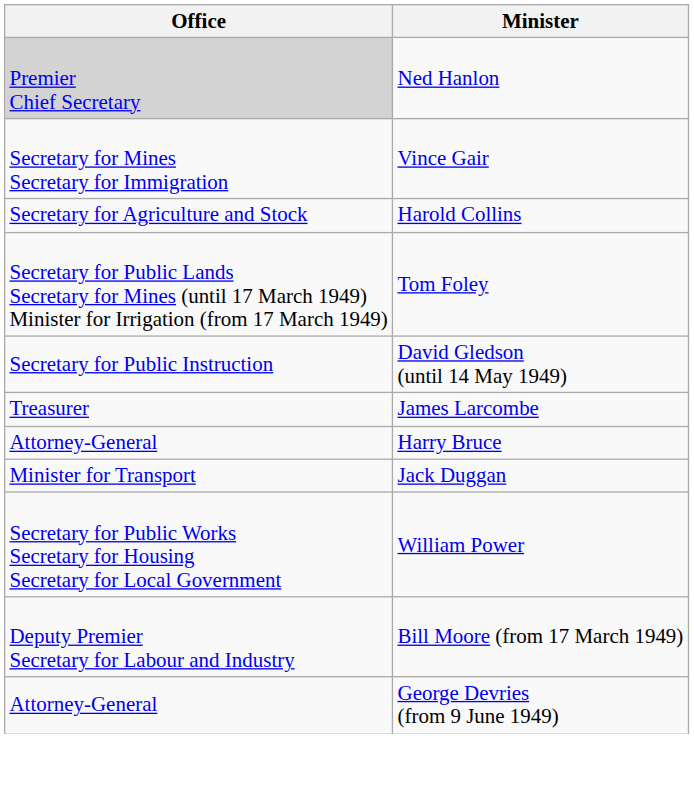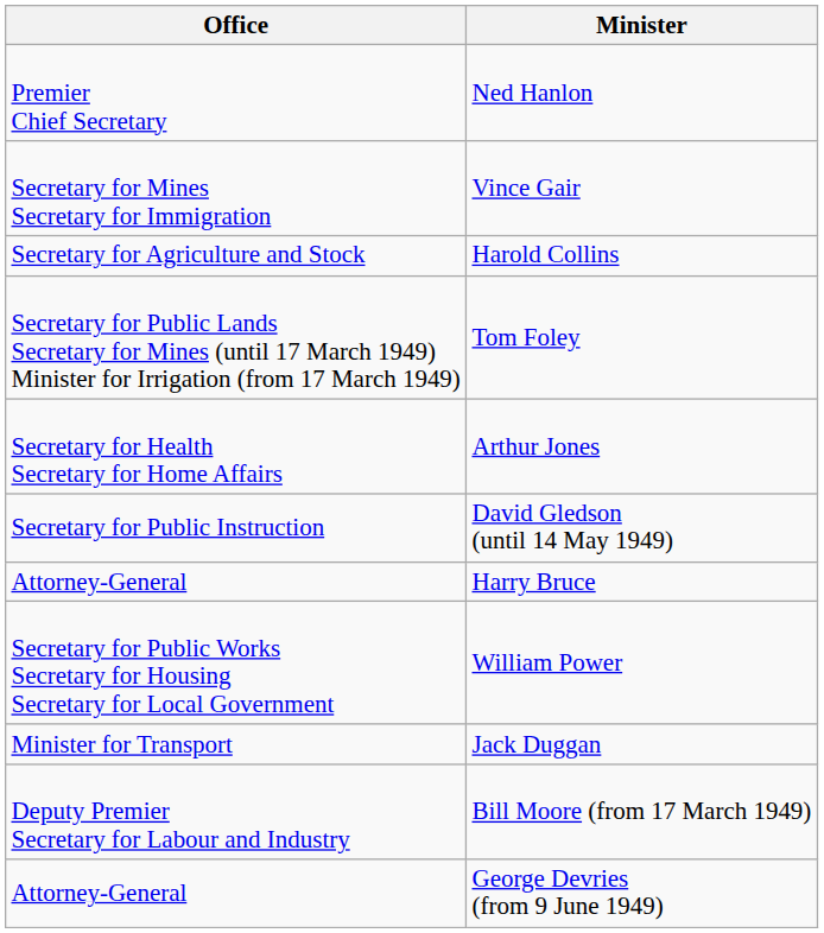 <table class="wikitable">
 <tr>
 <th>Office</th>
 <th>Minister</th>
 </tr>
 <tr>
-<td style="background: lightgrey;"><br><a href='#'>Premier</a><br> <a href='#'>Chief Secretary</a><br></td>
+<td><br><a href='#'>Premier</a><br> <a href='#'>Chief Secretary</a><br></td>
 <td><a href='#'>Ned Hanlon</a></td>
 </tr>
 <tr>
 <td><br><a href='#'>Secretary for Mines</a><br> <a href='#'>Secretary for Immigration</a></td>
 <td><a href='#'>Vince Gair</a></td>
 </tr>
 <tr>
 <td><a href='#'>Secretary for Agriculture and Stock</a></td>
 <td><a href='#'>Harold Collins</a></td>
 </tr>
 <tr>
 <td><br><a href='#'>Secretary for Public Lands</a><br> <a href='#'>Secretary for Mines</a> (until 17 March 1949)<br> Minister for Irrigation (from 17 March 1949)<br></td>
 <td><a href='#'>Tom Foley</a></td>
 </tr>
 <tr>
+<td><br><a href='#'>Secretary for Health</a><br> <a href='#'>Secretary for Home Affairs</a></td>
+<td><a href='#'>Arthur Jones</a></td>
+</tr>
+<tr>
 <td><a href='#'>Secretary for Public Instruction</a></td>
 <td><a href='#'>David Gledson</a><br>(until 14 May 1949)</td>
-</tr>
-<tr>
-<td><a href='#'>Treasurer</a></td>
-<td><a href='#'>James Larcombe</a></td>
 </tr>
 <tr>
 <td><a href='#'>Attorney-General</a></td>
 <td><a href='#'>Harry Bruce</a></td>
 </tr>
 <tr>
+<td><br><a href='#'>Secretary for Public Works</a><br> <a href='#'>Secretary for Housing</a><br> <a href='#'>Secretary for Local Government</a></td>
+<td><a href='#'>William Power</a></td>
+</tr>
+<tr>
 <td><a href='#'>Minister for Transport</a></td>
 <td><a href='#'>Jack Duggan</a></td>
-</tr>
-<tr>
-<td><br><a href='#'>Secretary for Public Works</a><br> <a href='#'>Secretary for Housing</a><br> <a href='#'>Secretary for Local Government</a></td>
-<td><a href='#'>William Power</a></td>
 </tr>
 <tr>
 <td><br><a href='#'>Deputy Premier</a><br> <a href='#'>Secretary for Labour and Industry</a></td>
 <td><a href='#'>Bill Moore</a> (from 17 March 1949)</td>
 </tr>
 <tr>
 <td><a href='#'>Attorney-General</a></td>
 <td><a href='#'>George Devries</a><br>(from 9 June 1949)</td>
 </tr>
 </table>
